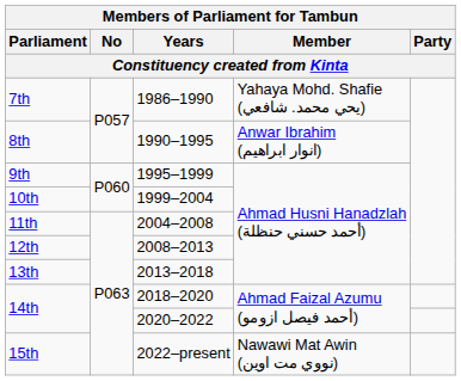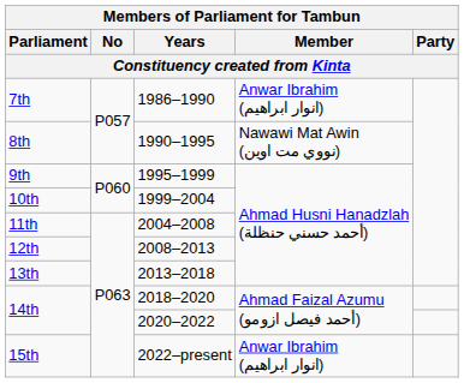 <table class=wikitable>
 <tr>
 <th colspan="5">Members of Parliament for Tambun</th>
 </tr>
 <tr>
 <th>Parliament</th>
 <th>No</th>
 <th>Years</th>
 <th>Member</th>
 <th>Party</th>
 </tr>
 <tr>
 <th colspan="5" align="center"><em>Constituency created from <a href='#'>Kinta</a></em></th>
 </tr>
 <tr>
 <td><a href='#'>7th</a></td>
 <td rowspan="2">P057</td>
 <td>1986–1990</td>
-<td>Yahaya Mohd. Shafie <br> (يحي محمد. شافعي)</td>
+<td><a href='#'>Anwar Ibrahim</a> <br> (انوار ابراهيم)</td>
 <td rowspan=7></td>
 </tr>
 <tr>
 <td><a href='#'>8th</a></td>
 <td>1990–1995</td>
-<td><a href='#'>Anwar Ibrahim</a> <br> (انوار ابراهيم)</td>
+<td>Nawawi Mat Awin  <br>(نووي مت اوين)</td>
 </tr>
 <tr>
 <td><a href='#'>9th</a></td>
 <td rowspan="2">P060</td>
 <td>1995–1999</td>
 <td rowspan=5><a href='#'>Ahmad Husni Hanadzlah</a> <br> (أحمد حسني حنظلة)</td>
 </tr>
 <tr>
 <td><a href='#'>10th</a></td>
 <td>1999–2004</td>
 </tr>
 <tr>
 <td><a href='#'>11th</a></td>
 <td rowspan="6">P063</td>
 <td>2004–2008</td>
 </tr>
 <tr>
 <td><a href='#'>12th</a></td>
 <td>2008–2013</td>
 </tr>
 <tr>
 <td><a href='#'>13th</a></td>
 <td>2013–2018</td>
 </tr>
 <tr>
 <td rowspan=2><a href='#'>14th</a></td>
 <td>2018–2020</td>
 <td rowspan=2><a href='#'>Ahmad Faizal Azumu</a> <br> (أحمد فيصل ازومو)</td>
 <td></td>
 </tr>
 <tr>
 <td>2020–2022</td>
 <td></td>
 </tr>
 <tr>
 <td><a href='#'>15th</a></td>
 <td>2022–present</td>
-<td>Nawawi Mat Awin  <br>(نووي مت اوين)</td>
+<td><a href='#'>Anwar Ibrahim</a> <br> (انوار ابراهيم)</td>
 <td></td>
 </tr>
 </table>
